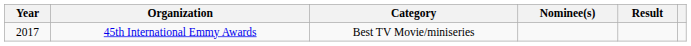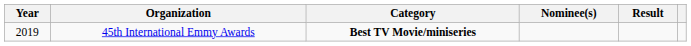 <table class="wikitable" width="75%" ; style="text-align:center;">
 <tr>
 <th>Year</th>
 <th>Organization</th>
 <th>Category</th>
 <th>Nominee(s)</th>
 <th>Result</th>
 <th></th>
 </tr>
 <tr>
-<td>2017</td>
+<td>2019</td>
 <td><a href='#'>45th International Emmy Awards</a></td>
-<td>Best TV Movie/miniseries</td>
+<td><strong>Best TV Movie/miniseries</strong></td>
 <td></td>
 <td></td>
 <td></td>
 </tr>
 </table>
